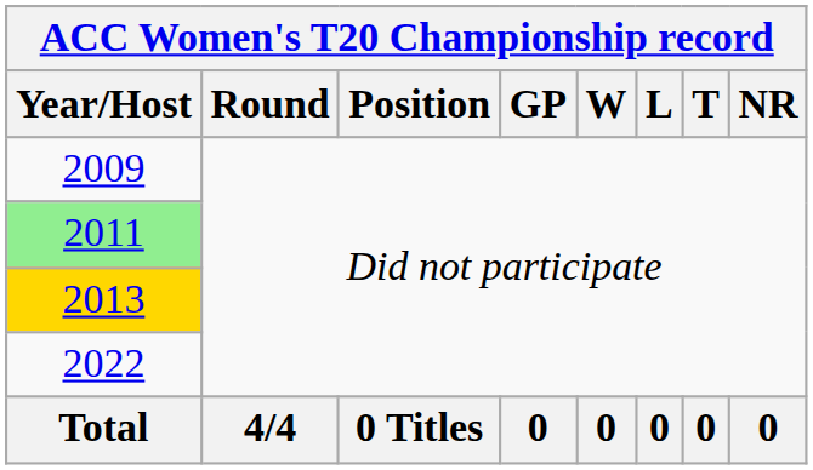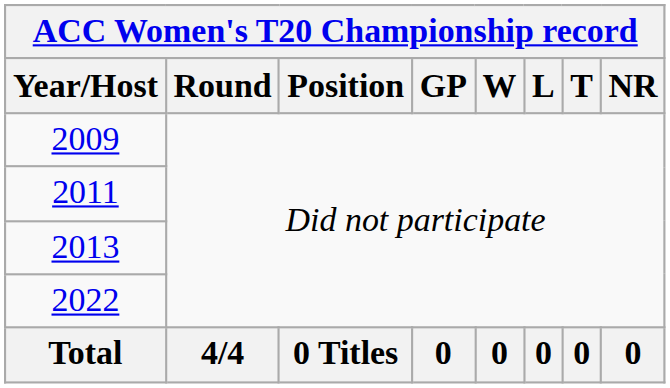 <table class="wikitable" style="text-align: center; width=900px;">
 <tr>
 <th colspan="8"><a href='#'>ACC Women's T20 Championship record</a></th>
 </tr>
 <tr>
 <th>Year/Host</th>
 <th>Round</th>
 <th>Position</th>
 <th>GP</th>
 <th>W</th>
 <th>L</th>
 <th>T</th>
 <th>NR</th>
 </tr>
 <tr>
 <td> <a href='#'>2009</a></td>
 <td colspan="7" rowspan="4"><em>Did not participate</em></td>
 </tr>
 <tr>
-<td style="background: lightgreen;"> <a href='#'>2011</a></td>
+<td> <a href='#'>2011</a></td>
 </tr>
 <tr>
-<td style="background: gold;"> <a href='#'>2013</a></td>
+<td> <a href='#'>2013</a></td>
 </tr>
 <tr>
 <td> <a href='#'>2022</a></td>
 </tr>
 <tr>
 <th>Total</th>
 <th>4/4</th>
 <th>0 Titles</th>
 <th>0</th>
 <th>0</th>
 <th>0</th>
 <th>0</th>
 <th>0</th>
 </tr>
 </table>
